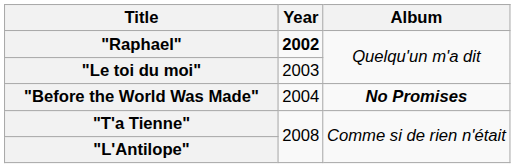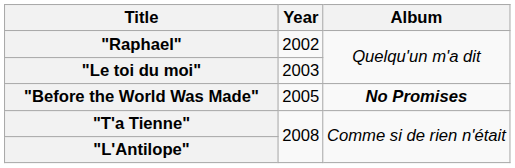 <table class="wikitable plainrowheaders" style="text-align:center;" border="1">
 <tr>
 <th scope="col" style="width:16em;">Title</th>
 <th scope="col">Year</th>
 <th scope="col">Album</th>
 </tr>
 <tr>
 <th scope="row">"Raphael"</th>
-<td><strong>2002</strong></td>
+<td>2002</td>
 <td rowspan="2"><em>Quelqu'un m'a dit</em></td>
 </tr>
 <tr>
 <th scope="row">"Le toi du moi"</th>
 <td>2003</td>
 </tr>
 <tr>
 <th scope="row">"Before the World Was Made"</th>
-<td>2004</td>
+<td>2005</td>
 <td><strong><em>No Promises</em></strong></td>
 </tr>
 <tr>
 <th scope="row">"T'a Tienne"</th>
 <td rowspan="2">2008</td>
 <td rowspan="2"><em>Comme si de rien n'était</em></td>
 </tr>
 <tr>
 <th scope="row">"L'Antilope"</th>
 </tr>
 </table>
